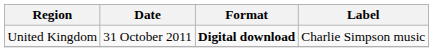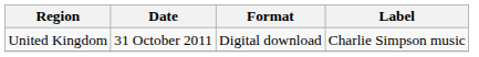 <table class=wikitable>
 <tr>
 <th>Region</th>
 <th>Date</th>
 <th>Format</th>
 <th>Label</th>
 </tr>
 <tr>
 <td> United Kingdom</td>
 <td>31 October 2011</td>
-<td><strong>Digital download</strong></td>
+<td>Digital download</td>
 <td>Charlie Simpson music</td>
 </tr>
 <tr>
 </tr>
 </table>
